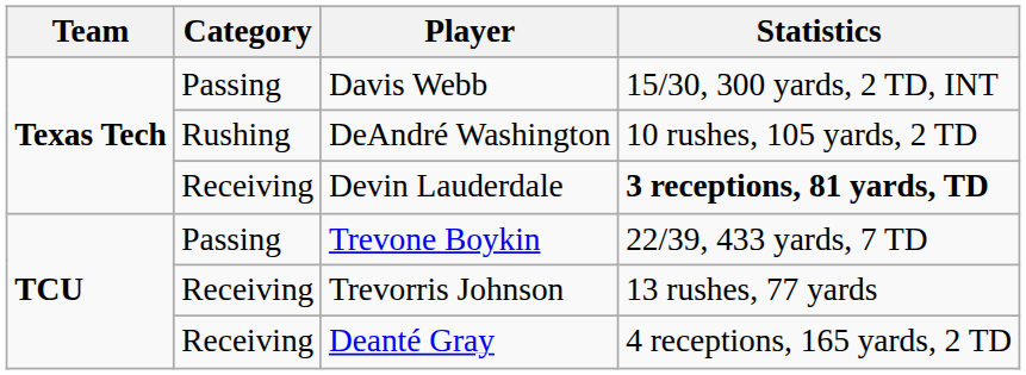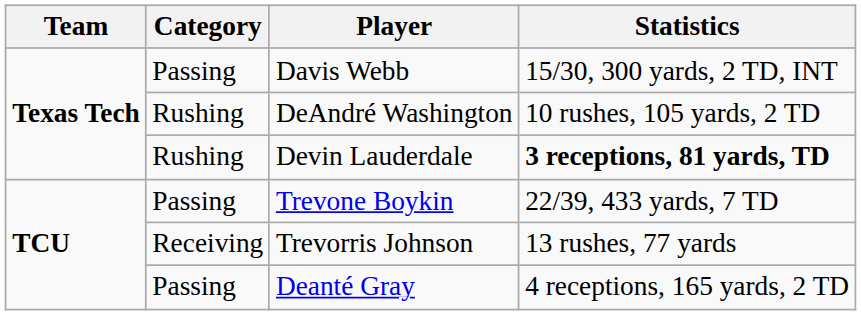 <table class="wikitable" style="float: right;">
 <tr>
 <th>Team</th>
 <th>Category</th>
 <th>Player</th>
 <th>Statistics</th>
 </tr>
 <tr>
 <td rowspan=3><strong>Texas Tech</strong></td>
 <td>Passing</td>
 <td>Davis Webb</td>
 <td>15/30, 300 yards, 2 TD, INT</td>
 </tr>
 <tr>
 <td>Rushing</td>
 <td>DeAndré Washington</td>
 <td>10 rushes, 105 yards, 2 TD</td>
 </tr>
 <tr>
-<td>Receiving</td>
+<td>Rushing</td>
 <td>Devin Lauderdale</td>
 <td><strong>3 receptions, 81 yards, TD</strong></td>
 </tr>
 <tr>
 <td rowspan=3><strong>TCU</strong></td>
 <td>Passing</td>
 <td><a href='#'>Trevone Boykin</a></td>
 <td>22/39, 433 yards, 7 TD</td>
 </tr>
 <tr>
 <td>Receiving</td>
 <td>Trevorris Johnson</td>
 <td>13 rushes, 77 yards</td>
 </tr>
 <tr>
-<td>Receiving</td>
+<td>Passing</td>
 <td><a href='#'>Deanté Gray</a></td>
 <td>4 receptions, 165 yards, 2 TD</td>
 </tr>
 </table>
